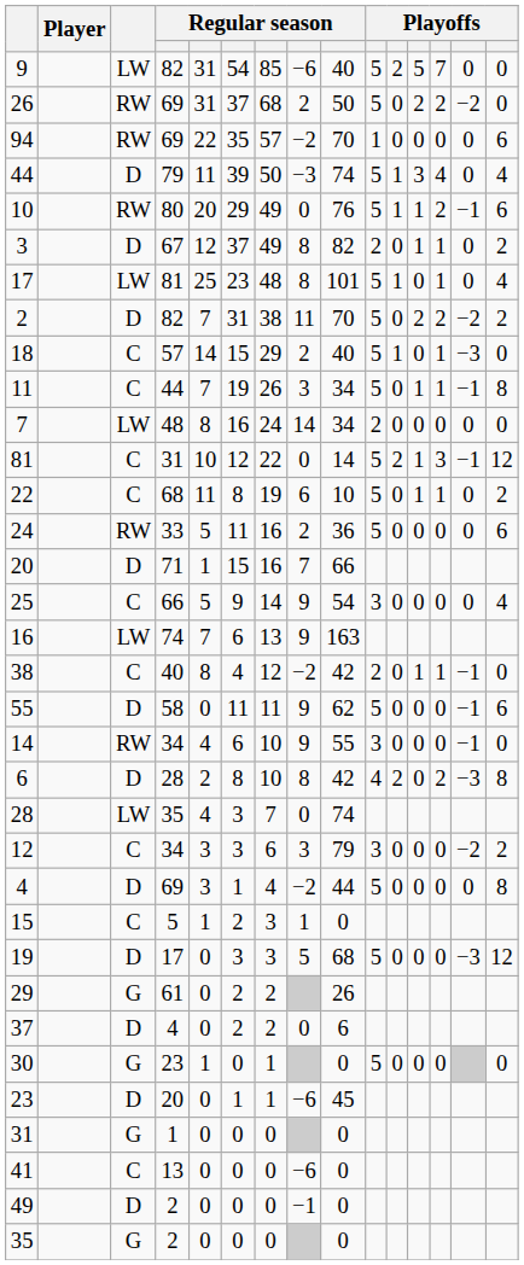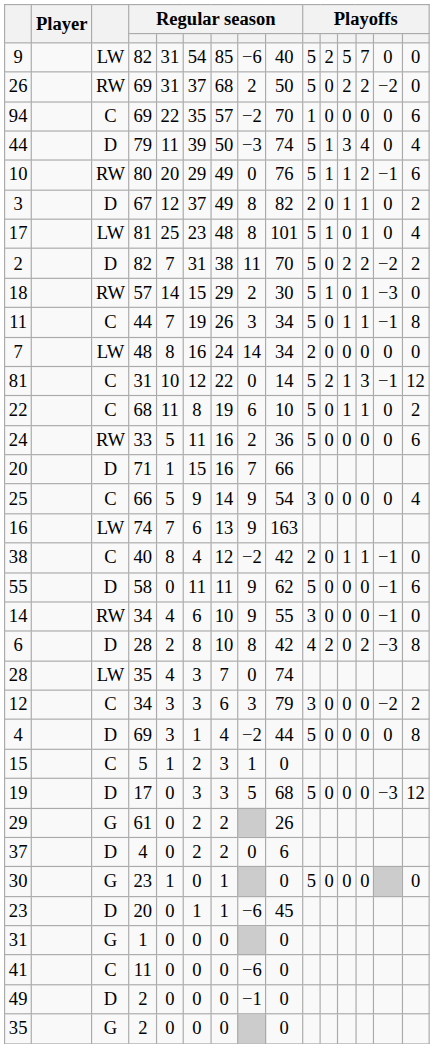 <table class="wikitable sortable plainrowheaders" style="text-align:center;">
 <tr>
 <th scope="col" data-sort-type="number" rowspan="2"></th>
 <th scope="col" rowspan="2">Player</th>
 <th scope="col" rowspan="2"></th>
 <th scope=colgroup colspan=6>Regular season</th>
 <th scope=colgroup colspan=6>Playoffs</th>
 </tr>
 <tr>
 <th scope="col" data-sort-type="number"></th>
 <th scope="col" data-sort-type="number"></th>
 <th scope="col" data-sort-type="number"></th>
 <th scope="col" data-sort-type="number"></th>
 <th scope="col" data-sort-type="number"></th>
 <th scope="col" data-sort-type="number"></th>
 <th scope="col" data-sort-type="number"></th>
 <th scope="col" data-sort-type="number"></th>
 <th scope="col" data-sort-type="number"></th>
 <th scope="col" data-sort-type="number"></th>
 <th scope="col" data-sort-type="number"></th>
 <th scope="col" data-sort-type="number"></th>
 </tr>
 <tr>
 <td scope="row">9</td>
 <td align="left"></td>
 <td>LW</td>
 <td>82</td>
 <td>31</td>
 <td>54</td>
 <td>85</td>
 <td>−6</td>
 <td>40</td>
 <td>5</td>
 <td>2</td>
 <td>5</td>
 <td>7</td>
 <td>0</td>
 <td>0</td>
 </tr>
 <tr>
 <td scope="row">26</td>
 <td align="left"></td>
 <td>RW</td>
 <td>69</td>
 <td>31</td>
 <td>37</td>
 <td>68</td>
 <td>2</td>
 <td>50</td>
 <td>5</td>
 <td>0</td>
 <td>2</td>
 <td>2</td>
 <td>−2</td>
 <td>0</td>
 </tr>
 <tr>
 <td scope="row">94</td>
 <td align="left"></td>
-<td>RW</td>
+<td>C</td>
 <td>69</td>
 <td>22</td>
 <td>35</td>
 <td>57</td>
 <td>−2</td>
 <td>70</td>
 <td>1</td>
 <td>0</td>
 <td>0</td>
 <td>0</td>
 <td>0</td>
 <td>6</td>
 </tr>
 <tr>
 <td scope="row">44</td>
 <td align="left"></td>
 <td>D</td>
 <td>79</td>
 <td>11</td>
 <td>39</td>
 <td>50</td>
 <td>−3</td>
 <td>74</td>
 <td>5</td>
 <td>1</td>
 <td>3</td>
 <td>4</td>
 <td>0</td>
 <td>4</td>
 </tr>
 <tr>
 <td scope="row">10</td>
 <td align="left"></td>
 <td>RW</td>
 <td>80</td>
 <td>20</td>
 <td>29</td>
 <td>49</td>
 <td>0</td>
 <td>76</td>
 <td>5</td>
 <td>1</td>
 <td>1</td>
 <td>2</td>
 <td>−1</td>
 <td>6</td>
 </tr>
 <tr>
 <td scope="row">3</td>
 <td align="left"></td>
 <td>D</td>
 <td>67</td>
 <td>12</td>
 <td>37</td>
 <td>49</td>
 <td>8</td>
 <td>82</td>
 <td>2</td>
 <td>0</td>
 <td>1</td>
 <td>1</td>
 <td>0</td>
 <td>2</td>
 </tr>
 <tr>
 <td scope="row">17</td>
 <td align="left"></td>
 <td>LW</td>
 <td>81</td>
 <td>25</td>
 <td>23</td>
 <td>48</td>
 <td>8</td>
 <td>101</td>
 <td>5</td>
 <td>1</td>
 <td>0</td>
 <td>1</td>
 <td>0</td>
 <td>4</td>
 </tr>
 <tr>
 <td scope="row">2</td>
 <td align="left"></td>
 <td>D</td>
 <td>82</td>
 <td>7</td>
 <td>31</td>
 <td>38</td>
 <td>11</td>
 <td>70</td>
 <td>5</td>
 <td>0</td>
 <td>2</td>
 <td>2</td>
 <td>−2</td>
 <td>2</td>
 </tr>
 <tr>
 <td scope="row">18</td>
 <td align="left"></td>
-<td>C</td>
+<td>RW</td>
 <td>57</td>
 <td>14</td>
 <td>15</td>
 <td>29</td>
 <td>2</td>
-<td>40</td>
+<td>30</td>
 <td>5</td>
 <td>1</td>
 <td>0</td>
 <td>1</td>
 <td>−3</td>
 <td>0</td>
 </tr>
 <tr>
 <td scope="row">11</td>
 <td align="left"></td>
 <td>C</td>
 <td>44</td>
 <td>7</td>
 <td>19</td>
 <td>26</td>
 <td>3</td>
 <td>34</td>
 <td>5</td>
 <td>0</td>
 <td>1</td>
 <td>1</td>
 <td>−1</td>
 <td>8</td>
 </tr>
 <tr>
 <td scope="row">7</td>
 <td align="left"></td>
 <td>LW</td>
 <td>48</td>
 <td>8</td>
 <td>16</td>
 <td>24</td>
 <td>14</td>
 <td>34</td>
 <td>2</td>
 <td>0</td>
 <td>0</td>
 <td>0</td>
 <td>0</td>
 <td>0</td>
 </tr>
 <tr>
 <td scope="row">81</td>
 <td align="left"></td>
 <td>C</td>
 <td>31</td>
 <td>10</td>
 <td>12</td>
 <td>22</td>
 <td>0</td>
 <td>14</td>
 <td>5</td>
 <td>2</td>
 <td>1</td>
 <td>3</td>
 <td>−1</td>
 <td>12</td>
 </tr>
 <tr>
 <td scope="row">22</td>
 <td align="left"></td>
 <td>C</td>
 <td>68</td>
 <td>11</td>
 <td>8</td>
 <td>19</td>
 <td>6</td>
 <td>10</td>
 <td>5</td>
 <td>0</td>
 <td>1</td>
 <td>1</td>
 <td>0</td>
 <td>2</td>
 </tr>
 <tr>
 <td scope="row">24</td>
 <td align="left"></td>
 <td>RW</td>
 <td>33</td>
 <td>5</td>
 <td>11</td>
 <td>16</td>
 <td>2</td>
 <td>36</td>
 <td>5</td>
 <td>0</td>
 <td>0</td>
 <td>0</td>
 <td>0</td>
 <td>6</td>
 </tr>
 <tr>
 <td scope="row">20</td>
 <td align="left"></td>
 <td>D</td>
 <td>71</td>
 <td>1</td>
 <td>15</td>
 <td>16</td>
 <td>7</td>
 <td>66</td>
 <td></td>
 <td></td>
 <td></td>
 <td></td>
 <td></td>
 <td></td>
 </tr>
 <tr>
 <td scope="row">25</td>
 <td align="left"></td>
 <td>C</td>
 <td>66</td>
 <td>5</td>
 <td>9</td>
 <td>14</td>
 <td>9</td>
 <td>54</td>
 <td>3</td>
 <td>0</td>
 <td>0</td>
 <td>0</td>
 <td>0</td>
 <td>4</td>
 </tr>
 <tr>
 <td scope="row">16</td>
 <td align="left"></td>
 <td>LW</td>
 <td>74</td>
 <td>7</td>
 <td>6</td>
 <td>13</td>
 <td>9</td>
 <td>163</td>
 <td></td>
 <td></td>
 <td></td>
 <td></td>
 <td></td>
 <td></td>
 </tr>
 <tr>
 <td scope="row">38</td>
 <td align="left"></td>
 <td>C</td>
 <td>40</td>
 <td>8</td>
 <td>4</td>
 <td>12</td>
 <td>−2</td>
 <td>42</td>
 <td>2</td>
 <td>0</td>
 <td>1</td>
 <td>1</td>
 <td>−1</td>
 <td>0</td>
 </tr>
 <tr>
 <td scope="row">55</td>
 <td align="left"></td>
 <td>D</td>
 <td>58</td>
 <td>0</td>
 <td>11</td>
 <td>11</td>
 <td>9</td>
 <td>62</td>
 <td>5</td>
 <td>0</td>
 <td>0</td>
 <td>0</td>
 <td>−1</td>
 <td>6</td>
 </tr>
 <tr>
 <td scope="row">14</td>
 <td align="left"></td>
 <td>RW</td>
 <td>34</td>
 <td>4</td>
 <td>6</td>
 <td>10</td>
 <td>9</td>
 <td>55</td>
 <td>3</td>
 <td>0</td>
 <td>0</td>
 <td>0</td>
 <td>−1</td>
 <td>0</td>
 </tr>
 <tr>
 <td scope="row">6</td>
 <td align="left"></td>
 <td>D</td>
 <td>28</td>
 <td>2</td>
 <td>8</td>
 <td>10</td>
 <td>8</td>
 <td>42</td>
 <td>4</td>
 <td>2</td>
 <td>0</td>
 <td>2</td>
 <td>−3</td>
 <td>8</td>
 </tr>
 <tr>
 <td scope="row">28</td>
 <td align="left"></td>
 <td>LW</td>
 <td>35</td>
 <td>4</td>
 <td>3</td>
 <td>7</td>
 <td>0</td>
 <td>74</td>
 <td></td>
 <td></td>
 <td></td>
 <td></td>
 <td></td>
 <td></td>
 </tr>
 <tr>
 <td scope="row">12</td>
 <td align="left"></td>
 <td>C</td>
 <td>34</td>
 <td>3</td>
 <td>3</td>
 <td>6</td>
 <td>3</td>
 <td>79</td>
 <td>3</td>
 <td>0</td>
 <td>0</td>
 <td>0</td>
 <td>−2</td>
 <td>2</td>
 </tr>
 <tr>
 <td scope="row">4</td>
 <td align="left"></td>
 <td>D</td>
 <td>69</td>
 <td>3</td>
 <td>1</td>
 <td>4</td>
 <td>−2</td>
 <td>44</td>
 <td>5</td>
 <td>0</td>
 <td>0</td>
 <td>0</td>
 <td>0</td>
 <td>8</td>
 </tr>
 <tr>
 <td scope="row">15</td>
 <td align="left"></td>
 <td>C</td>
 <td>5</td>
 <td>1</td>
 <td>2</td>
 <td>3</td>
 <td>1</td>
 <td>0</td>
 <td></td>
 <td></td>
 <td></td>
 <td></td>
 <td></td>
 <td></td>
 </tr>
 <tr>
 <td scope="row">19</td>
 <td align="left"></td>
 <td>D</td>
 <td>17</td>
 <td>0</td>
 <td>3</td>
 <td>3</td>
 <td>5</td>
 <td>68</td>
 <td>5</td>
 <td>0</td>
 <td>0</td>
 <td>0</td>
 <td>−3</td>
 <td>12</td>
 </tr>
 <tr>
 <td scope="row">29</td>
 <td align="left"></td>
 <td>G</td>
 <td>61</td>
 <td>0</td>
 <td>2</td>
 <td>2</td>
 <td style="background:#ccc"></td>
 <td>26</td>
 <td></td>
 <td></td>
 <td></td>
 <td></td>
 <td></td>
 <td></td>
 </tr>
 <tr>
 <td scope="row">37</td>
 <td align="left"></td>
 <td>D</td>
 <td>4</td>
 <td>0</td>
 <td>2</td>
 <td>2</td>
 <td>0</td>
 <td>6</td>
 <td></td>
 <td></td>
 <td></td>
 <td></td>
 <td></td>
 <td></td>
 </tr>
 <tr>
 <td scope="row">30</td>
 <td align="left"></td>
 <td>G</td>
 <td>23</td>
 <td>1</td>
 <td>0</td>
 <td>1</td>
 <td style="background:#ccc"></td>
 <td>0</td>
 <td>5</td>
 <td>0</td>
 <td>0</td>
 <td>0</td>
 <td style="background:#ccc"></td>
 <td>0</td>
 </tr>
 <tr>
 <td scope="row">23</td>
 <td align="left"></td>
 <td>D</td>
 <td>20</td>
 <td>0</td>
 <td>1</td>
 <td>1</td>
 <td>−6</td>
 <td>45</td>
 <td></td>
 <td></td>
 <td></td>
 <td></td>
 <td></td>
 <td></td>
 </tr>
 <tr>
 <td scope="row">31</td>
 <td align="left"></td>
 <td>G</td>
 <td>1</td>
 <td>0</td>
 <td>0</td>
 <td>0</td>
 <td style="background:#ccc"></td>
 <td>0</td>
 <td></td>
 <td></td>
 <td></td>
 <td></td>
 <td></td>
 <td></td>
 </tr>
 <tr>
 <td scope="row">41</td>
 <td align="left"></td>
 <td>C</td>
-<td>13</td>
+<td>11</td>
 <td>0</td>
 <td>0</td>
 <td>0</td>
 <td>−6</td>
 <td>0</td>
 <td></td>
 <td></td>
 <td></td>
 <td></td>
 <td></td>
 <td></td>
 </tr>
 <tr>
 <td scope="row">49</td>
 <td align="left"></td>
 <td>D</td>
 <td>2</td>
 <td>0</td>
 <td>0</td>
 <td>0</td>
 <td>−1</td>
 <td>0</td>
 <td></td>
 <td></td>
 <td></td>
 <td></td>
 <td></td>
 <td></td>
 </tr>
 <tr>
 <td scope="row">35</td>
 <td align="left"></td>
 <td>G</td>
 <td>2</td>
 <td>0</td>
 <td>0</td>
 <td>0</td>
 <td style="background:#ccc"></td>
 <td>0</td>
 <td></td>
 <td></td>
 <td></td>
 <td></td>
 <td></td>
 <td></td>
 </tr>
 </table>
